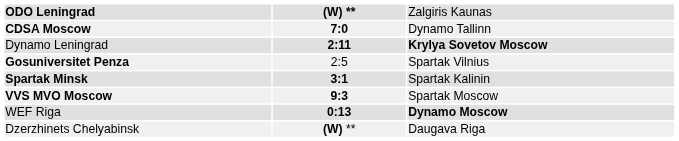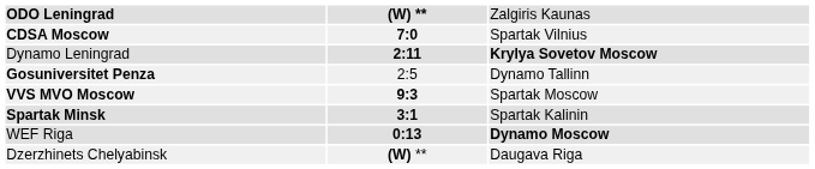 <table width="70%">
 <tr bgcolor="#e0e0e0">
 <td style="width:40%;"><strong>ODO Leningrad</strong></td>
 <th style="width:20%;"><strong>(W)</strong> **</th>
 <td style="width:40%;">Zalgiris Kaunas</td>
 </tr>
 <tr bgcolor="#f0f0f0">
 <td><strong>CDSA Moscow</strong></td>
 <th><strong>7:0</strong></th>
-<td>Dynamo Tallinn</td>
+<td>Spartak Vilnius</td>
 </tr>
 <tr bgcolor="#e0e0e0">
 <td>Dynamo Leningrad</td>
 <th>2:11</th>
 <td><strong>Krylya Sovetov Moscow</strong></td>
 </tr>
 <tr bgcolor="#f0f0f0">
 <td><strong>Gosuniversitet Penza</strong></td>
 <td align="center"></strong>2:5<strong></td>
-<td>Spartak Vilnius</td>
+<td>Dynamo Tallinn</td>
+</tr>
+<tr bgcolor="#f0f0f0">
+<td><strong>VVS MVO Moscow</strong></td>
+<td align="center"><strong>9:3</strong></td>
+<td>Spartak Moscow</td>
 </tr>
 <tr bgcolor="#e0e0e0">
 <td><strong>Spartak Minsk</strong></td>
 <td align="center"><strong>3:1</strong></td>
 <td>Spartak Kalinin</td>
-</tr>
-<tr bgcolor="#f0f0f0">
-<td><strong>VVS MVO Moscow</strong></td>
-<td align="center"><strong>9:3</strong></td>
-<td>Spartak Moscow</td>
 </tr>
 <tr bgcolor="#e0e0e0">
 <td>WEF Riga</td>
 <td align="center"><strong>0:13</strong></td>
 <td><strong>Dynamo Moscow<em></td>
 </tr>
 <tr bgcolor="#f0f0f0">
 <td>Dzerzhinets Chelyabinsk</td>
 <td align="center"><strong>(W)</strong> **</td>
 <td></strong>Daugava Riga<strong></td>
 </tr>
 </table>
